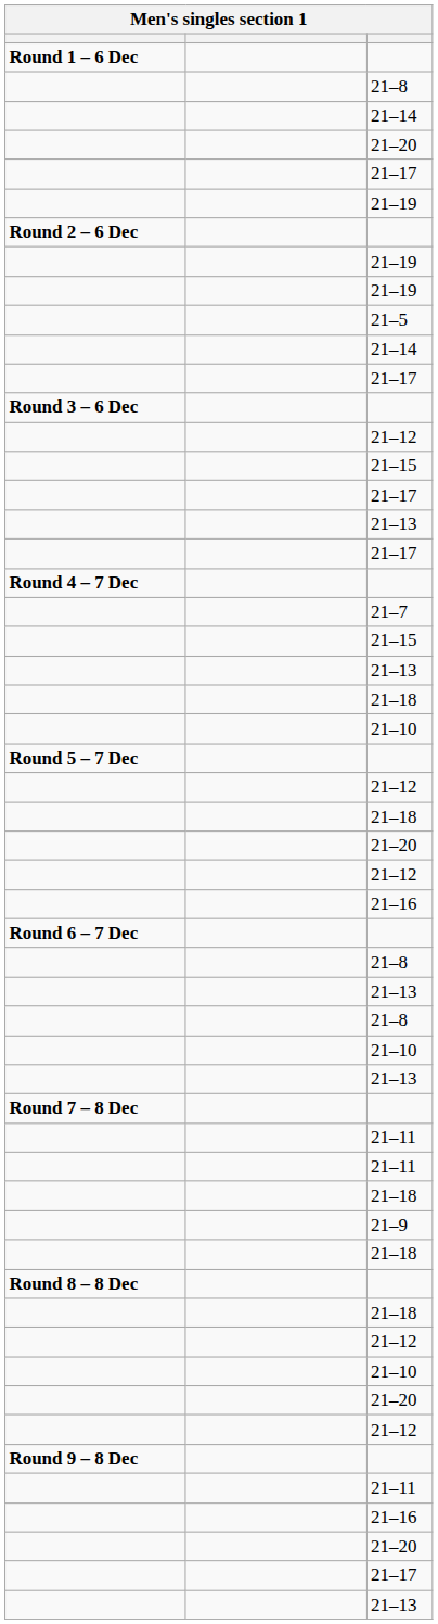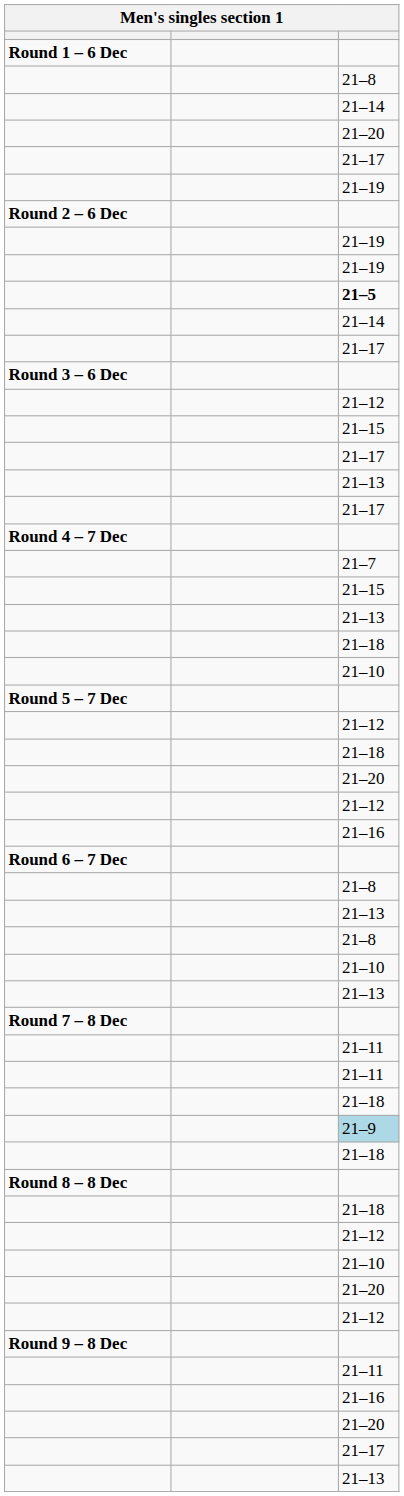 <table class="wikitable">
 <tr>
 <th colspan="3">Men's singles section 1</th>
 </tr>
 <tr>
 <th width=150></th>
 <th width=150></th>
 <th width=50></th>
 </tr>
 <tr>
 <td><strong>Round 1 – 6 Dec</strong></td>
 <td></td>
 <td></td>
 </tr>
 <tr>
 <td></td>
 <td></td>
 <td>21–8</td>
 </tr>
 <tr>
 <td></td>
 <td></td>
 <td>21–14</td>
 </tr>
 <tr>
 <td></td>
 <td></td>
 <td>21–20</td>
 </tr>
 <tr>
 <td></td>
 <td></td>
 <td>21–17</td>
 </tr>
 <tr>
 <td></td>
 <td></td>
 <td>21–19</td>
 </tr>
 <tr>
 <td><strong>Round 2 – 6 Dec</strong></td>
 <td></td>
 <td></td>
 </tr>
 <tr>
 <td></td>
 <td></td>
 <td>21–19</td>
 </tr>
 <tr>
 <td></td>
 <td></td>
 <td>21–19</td>
 </tr>
 <tr>
 <td></td>
 <td></td>
-<td>21–5</td>
+<td><strong>21–5</strong></td>
 </tr>
 <tr>
 <td></td>
 <td></td>
 <td>21–14</td>
 </tr>
 <tr>
 <td></td>
 <td></td>
 <td>21–17</td>
 </tr>
 <tr>
 <td><strong>Round 3 – 6 Dec</strong></td>
 <td></td>
 <td></td>
 </tr>
 <tr>
 <td></td>
 <td></td>
 <td>21–12</td>
 </tr>
 <tr>
 <td></td>
 <td></td>
 <td>21–15</td>
 </tr>
 <tr>
 <td></td>
 <td></td>
 <td>21–17</td>
 </tr>
 <tr>
 <td></td>
 <td></td>
 <td>21–13</td>
 </tr>
 <tr>
 <td></td>
 <td></td>
 <td>21–17</td>
 </tr>
 <tr>
 <td><strong>Round 4 – 7 Dec</strong></td>
 <td></td>
 <td></td>
 </tr>
 <tr>
 <td></td>
 <td></td>
 <td>21–7</td>
 </tr>
 <tr>
 <td></td>
 <td></td>
 <td>21–15</td>
 </tr>
 <tr>
 <td></td>
 <td></td>
 <td>21–13</td>
 </tr>
 <tr>
 <td></td>
 <td></td>
 <td>21–18</td>
 </tr>
 <tr>
 <td></td>
 <td></td>
 <td>21–10</td>
 </tr>
 <tr>
 <td><strong>Round 5 – 7 Dec</strong></td>
 <td></td>
 <td></td>
 </tr>
 <tr>
 <td></td>
 <td></td>
 <td>21–12</td>
 </tr>
 <tr>
 <td></td>
 <td></td>
 <td>21–18</td>
 </tr>
 <tr>
 <td></td>
 <td></td>
 <td>21–20</td>
 </tr>
 <tr>
 <td></td>
 <td></td>
 <td>21–12</td>
 </tr>
 <tr>
 <td></td>
 <td></td>
 <td>21–16</td>
 </tr>
 <tr>
 <td><strong>Round 6  – 7 Dec </strong></td>
 <td></td>
 <td></td>
 </tr>
 <tr>
 <td></td>
 <td></td>
 <td>21–8</td>
 </tr>
 <tr>
 <td></td>
 <td></td>
 <td>21–13</td>
 </tr>
 <tr>
 <td></td>
 <td></td>
 <td>21–8</td>
 </tr>
 <tr>
 <td></td>
 <td></td>
 <td>21–10</td>
 </tr>
 <tr>
 <td></td>
 <td></td>
 <td>21–13</td>
 </tr>
 <tr>
 <td><strong>Round 7 – 8 Dec </strong></td>
 <td></td>
 <td></td>
 </tr>
 <tr>
 <td></td>
 <td></td>
 <td>21–11</td>
 </tr>
 <tr>
 <td></td>
 <td></td>
 <td>21–11</td>
 </tr>
 <tr>
 <td></td>
 <td></td>
 <td>21–18</td>
 </tr>
 <tr>
 <td></td>
 <td></td>
-<td>21–9</td>
+<td style="background: lightblue;">21–9</td>
 </tr>
 <tr>
 <td></td>
 <td></td>
 <td>21–18</td>
 </tr>
 <tr>
 <td><strong>Round 8 – 8 Dec</strong></td>
 <td></td>
 <td></td>
 </tr>
 <tr>
 <td></td>
 <td></td>
 <td>21–18</td>
 </tr>
 <tr>
 <td></td>
 <td></td>
 <td>21–12</td>
 </tr>
 <tr>
 <td></td>
 <td></td>
 <td>21–10</td>
 </tr>
 <tr>
 <td></td>
 <td></td>
 <td>21–20</td>
 </tr>
 <tr>
 <td></td>
 <td></td>
 <td>21–12</td>
 </tr>
 <tr>
 <td><strong>Round 9 – 8 Dec</strong></td>
 <td></td>
 <td></td>
 </tr>
 <tr>
 <td></td>
 <td></td>
 <td>21–11</td>
 </tr>
 <tr>
 <td></td>
 <td></td>
 <td>21–16</td>
 </tr>
 <tr>
 <td></td>
 <td></td>
 <td>21–20</td>
 </tr>
 <tr>
 <td></td>
 <td></td>
 <td>21–17</td>
 </tr>
 <tr>
 <td></td>
 <td></td>
 <td>21–13</td>
 </tr>
 <tr>
 </tr>
 </table>
